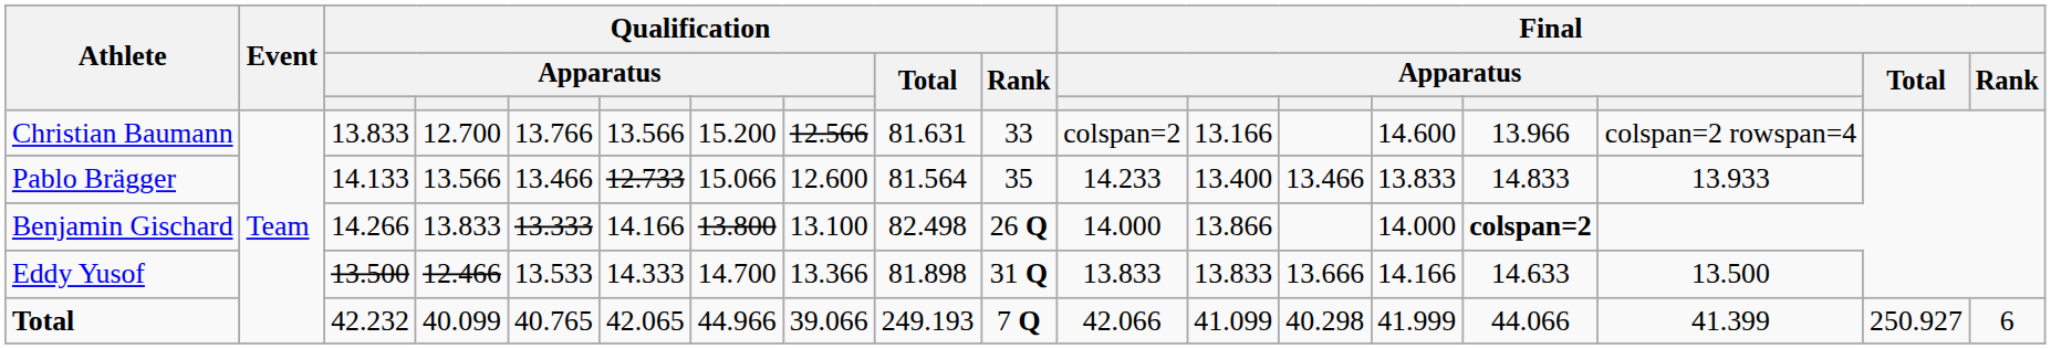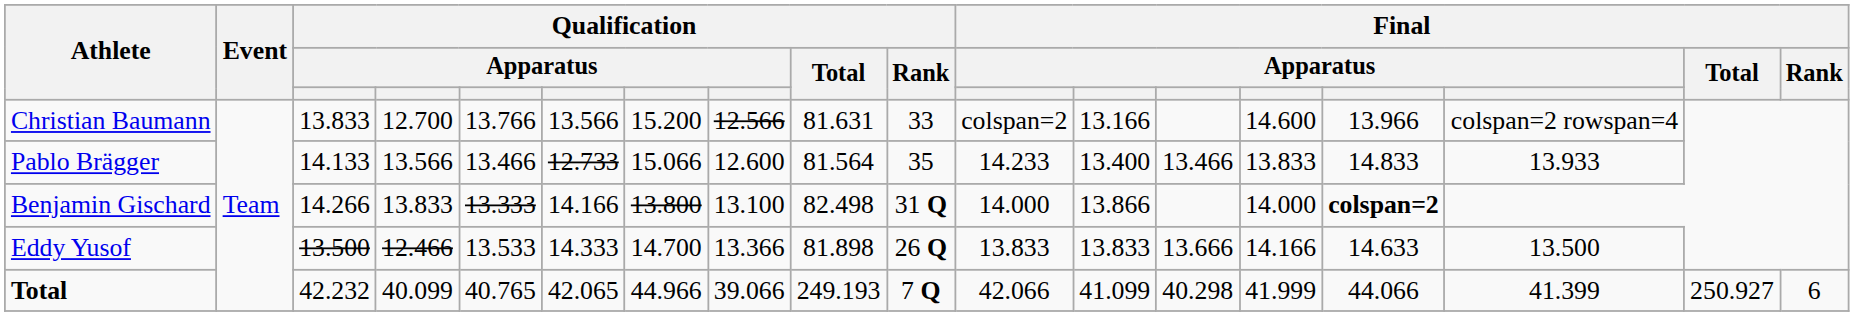 <table class="wikitable" style="font-size:90%">
 <tr>
 <th rowspan=3>Athlete</th>
 <th rowspan=3>Event</th>
 <th colspan =8>Qualification</th>
 <th colspan =8>Final</th>
 </tr>
 <tr style="font-size:95%">
 <th colspan=6>Apparatus</th>
 <th rowspan=2>Total</th>
 <th rowspan=2>Rank</th>
 <th colspan=6>Apparatus</th>
 <th rowspan=2>Total</th>
 <th rowspan=2>Rank</th>
 </tr>
 <tr style="font-size:95%">
 <th></th>
 <th></th>
 <th></th>
 <th></th>
 <th></th>
 <th></th>
 <th></th>
 <th></th>
 <th></th>
 <th></th>
 <th></th>
 <th></th>
 </tr>
 <tr align=center>
 <td align=left><a href='#'>Christian Baumann</a></td>
 <td align=left rowspan=5><a href='#'>Team</a></td>
 <td>13.833</td>
 <td>12.700</td>
 <td>13.766</td>
 <td>13.566</td>
 <td>15.200</td>
 <td><s>12.566</s></td>
 <td>81.631</td>
 <td>33</td>
 <td>colspan=2 </td>
 <td>13.166</td>
 <td></td>
 <td>14.600</td>
 <td>13.966</td>
 <td>colspan=2 rowspan=4 </td>
 </tr>
 <tr align=center>
 <td align=left><a href='#'>Pablo Brägger</a></td>
 <td>14.133</td>
 <td>13.566</td>
 <td>13.466</td>
 <td><s>12.733</s></td>
 <td>15.066</td>
 <td>12.600</td>
 <td>81.564</td>
 <td>35</td>
 <td>14.233</td>
 <td>13.400</td>
 <td>13.466</td>
 <td>13.833</td>
 <td>14.833</td>
 <td>13.933</td>
 </tr>
 <tr align=center>
 <td align=left><a href='#'>Benjamin Gischard</a></td>
 <td>14.266</td>
 <td>13.833</td>
 <td><s>13.333</s></td>
 <td>14.166</td>
 <td><s>13.800</s></td>
 <td>13.100</td>
 <td>82.498</td>
-<td>26 <strong>Q</strong></td>
+<td>31 <strong>Q</strong></td>
 <td>14.000</td>
 <td>13.866</td>
 <td></td>
 <td>14.000</td>
 <td><strong>colspan=2 </strong></td>
 </tr>
 <tr align=center>
 <td align=left><a href='#'>Eddy Yusof</a></td>
 <td><s>13.500</s></td>
 <td><s>12.466</s></td>
 <td>13.533</td>
 <td>14.333</td>
 <td>14.700</td>
 <td>13.366</td>
 <td>81.898</td>
-<td>31 <strong>Q</strong></td>
+<td>26 <strong>Q</strong></td>
 <td>13.833</td>
 <td>13.833</td>
 <td>13.666</td>
 <td>14.166</td>
 <td>14.633</td>
 <td>13.500</td>
 </tr>
 <tr align=center>
 <td align=left><strong>Total</strong></td>
 <td>42.232</td>
 <td>40.099</td>
 <td>40.765</td>
 <td>42.065</td>
 <td>44.966</td>
 <td>39.066</td>
 <td>249.193</td>
 <td>7 <strong>Q</strong></td>
 <td>42.066</td>
 <td>41.099</td>
 <td>40.298</td>
 <td>41.999</td>
 <td>44.066</td>
 <td>41.399</td>
 <td>250.927</td>
 <td>6</td>
 </tr>
 </table>
